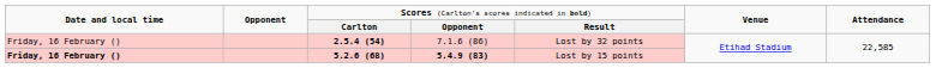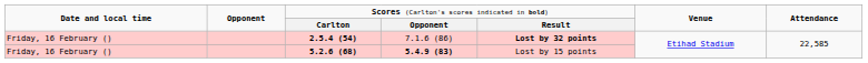 <table class="wikitable" style="font-size:90%; text-align:center; width: 100%; margin-left: auto; margin-right: auto;">
 <tr>
 <td rowspan=2><strong>Date and local time</strong></td>
 <td rowspan=2><strong>Opponent</strong></td>
 <td colspan=3><strong>Scores</strong> <small>(Carlton's scores indicated in <strong>bold</strong>)</small></td>
 <td rowspan=2><strong>Venue</strong></td>
 <td rowspan=2><strong>Attendance</strong></td>
 </tr>
 <tr>
 <th>Carlton</th>
 <th>Opponent</th>
 <th>Result</th>
 </tr>
 <tr>
 <td style="text-align:left; background:#fcc">Friday, 16 February ()</td>
 <td style="text-align:left; background:#fcc"></td>
 <td style="background:#fcc"><strong>2.5.4 (54)</strong></td>
 <td style="background:#fcc">7.1.6 (86)</td>
-<td style="background:#fcc">Lost by 32 points</td>
+<td style="background:#fcc"><strong>Lost by 32 points</strong></td>
 <td rowspan=2><a href='#'>Etihad Stadium</a></td>
 <td rowspan=2>22,585</td>
 </tr>
 <tr style="background:#fcc">
-<td align=left><strong>Friday, 16 February ()</strong></td>
+<td align=left>Friday, 16 February ()</td>
 <td align=left></td>
 <td><strong>5.2.6 (68)</strong></td>
 <td><strong>5.4.9 (83)</strong></td>
 <td>Lost by 15 points</td>
 </tr>
 </table>
